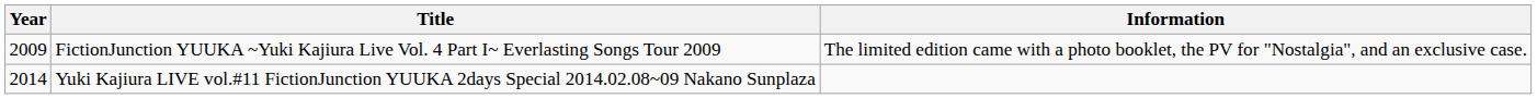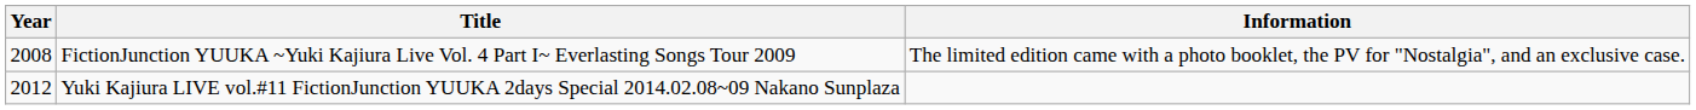 <table class="wikitable">
 <tr>
 <th>Year</th>
 <th>Title</th>
 <th>Information</th>
 </tr>
 <tr>
-<td>2009</td>
+<td>2008</td>
 <td>FictionJunction YUUKA ~Yuki Kajiura Live Vol. 4 Part I~ Everlasting Songs Tour 2009</td>
 <td>The limited edition came with a photo booklet, the PV for "Nostalgia", and an exclusive case.</td>
 </tr>
 <tr>
-<td>2014</td>
+<td>2012</td>
 <td>Yuki Kajiura LIVE vol.#11 FictionJunction YUUKA 2days Special 2014.02.08~09 Nakano Sunplaza</td>
 <td></td>
 </tr>
 </table>
